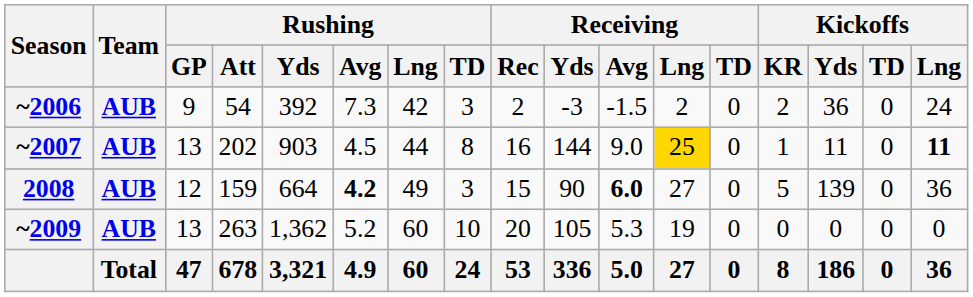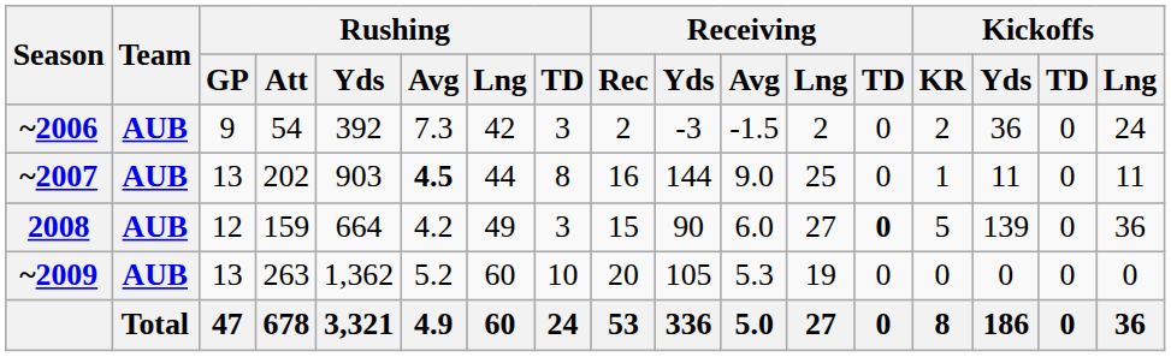 <table class=wikitable style="text-align:center;">
 <tr>
 <th rowspan=2>Season</th>
 <th rowspan=2>Team</th>
 <th colspan=6>Rushing</th>
 <th colspan=5>Receiving</th>
 <th colspan=4>Kickoffs</th>
 </tr>
 <tr>
 <th>GP</th>
 <th>Att</th>
 <th>Yds</th>
 <th>Avg</th>
 <th>Lng</th>
 <th>TD</th>
 <th>Rec</th>
 <th>Yds</th>
 <th>Avg</th>
 <th>Lng</th>
 <th>TD</th>
 <th>KR</th>
 <th>Yds</th>
 <th>TD</th>
 <th>Lng</th>
 </tr>
 <tr>
 <th>~<a href='#'>2006</a></th>
 <th><a href='#'>AUB</a></th>
 <td>9</td>
 <td>54</td>
 <td>392</td>
 <td>7.3</td>
 <td>42</td>
 <td>3</td>
 <td>2</td>
 <td>-3</td>
 <td>-1.5</td>
 <td>2</td>
 <td>0</td>
 <td>2</td>
 <td>36</td>
 <td>0</td>
 <td>24</td>
 </tr>
 <tr>
 <th>~<a href='#'>2007</a></th>
 <th><a href='#'>AUB</a></th>
 <td>13</td>
 <td>202</td>
 <td>903</td>
-<td>4.5</td>
+<td><strong>4.5</strong></td>
 <td>44</td>
 <td>8</td>
 <td>16</td>
 <td>144</td>
 <td>9.0</td>
-<td style="background: gold;">25</td>
+<td>25</td>
 <td>0</td>
 <td>1</td>
 <td>11</td>
 <td>0</td>
-<td><strong>11</strong></td>
+<td>11</td>
 </tr>
 <tr>
 <th><a href='#'>2008</a></th>
 <th><a href='#'>AUB</a></th>
 <td>12</td>
 <td>159</td>
 <td>664</td>
-<td><strong>4.2</strong></td>
+<td>4.2</td>
 <td>49</td>
 <td>3</td>
 <td>15</td>
 <td>90</td>
-<td><strong>6.0</strong></td>
+<td>6.0</td>
 <td>27</td>
-<td>0</td>
+<td><strong>0</strong></td>
 <td>5</td>
 <td>139</td>
 <td>0</td>
 <td>36</td>
 </tr>
 <tr>
 <th>~<a href='#'>2009</a></th>
 <th><a href='#'>AUB</a></th>
 <td>13</td>
 <td>263</td>
 <td>1,362</td>
 <td>5.2</td>
 <td>60</td>
 <td>10</td>
 <td>20</td>
 <td>105</td>
 <td>5.3</td>
 <td>19</td>
 <td>0</td>
 <td>0</td>
 <td>0</td>
 <td>0</td>
 <td>0</td>
 </tr>
 <tr>
 <th></th>
 <th>Total</th>
 <th>47</th>
 <th>678</th>
 <th>3,321</th>
 <th>4.9</th>
 <th>60</th>
 <th>24</th>
 <th>53</th>
 <th>336</th>
 <th>5.0</th>
 <th>27</th>
 <th>0</th>
 <th>8</th>
 <th>186</th>
 <th>0</th>
 <th>36</th>
 </tr>
 </table>
